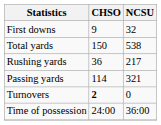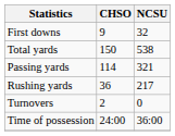 <table class="wikitable">
 <tr>
 <th>Statistics</th>
 <th>CHSO</th>
 <th>NCSU</th>
 </tr>
 <tr>
 <td>First downs</td>
 <td>9</td>
 <td>32</td>
 </tr>
 <tr>
 <td>Total yards</td>
 <td>150</td>
 <td>538</td>
 </tr>
 <tr>
+<td>Passing yards</td>
+<td>114</td>
+<td>321</td>
+</tr>
+<tr>
 <td>Rushing yards</td>
 <td>36</td>
 <td>217</td>
 </tr>
 <tr>
-<td>Passing yards</td>
-<td>114</td>
-<td>321</td>
-</tr>
-<tr>
 <td>Turnovers</td>
-<td><strong>2</strong></td>
+<td>2</td>
 <td>0</td>
 </tr>
 <tr>
 <td>Time of possession</td>
 <td>24:00</td>
 <td>36:00</td>
 </tr>
 <tr>
 </tr>
 </table>
